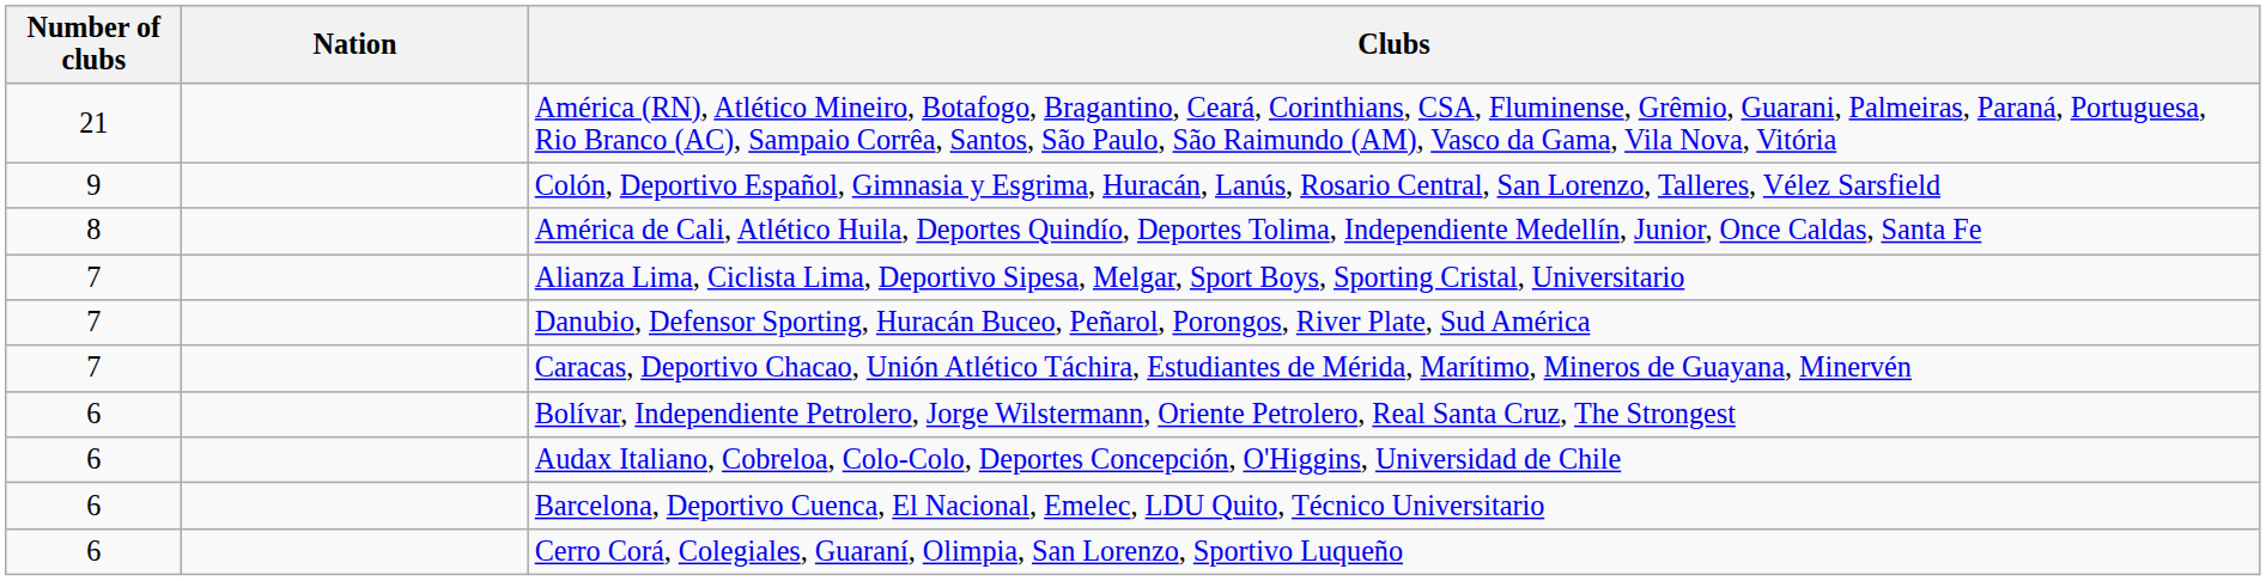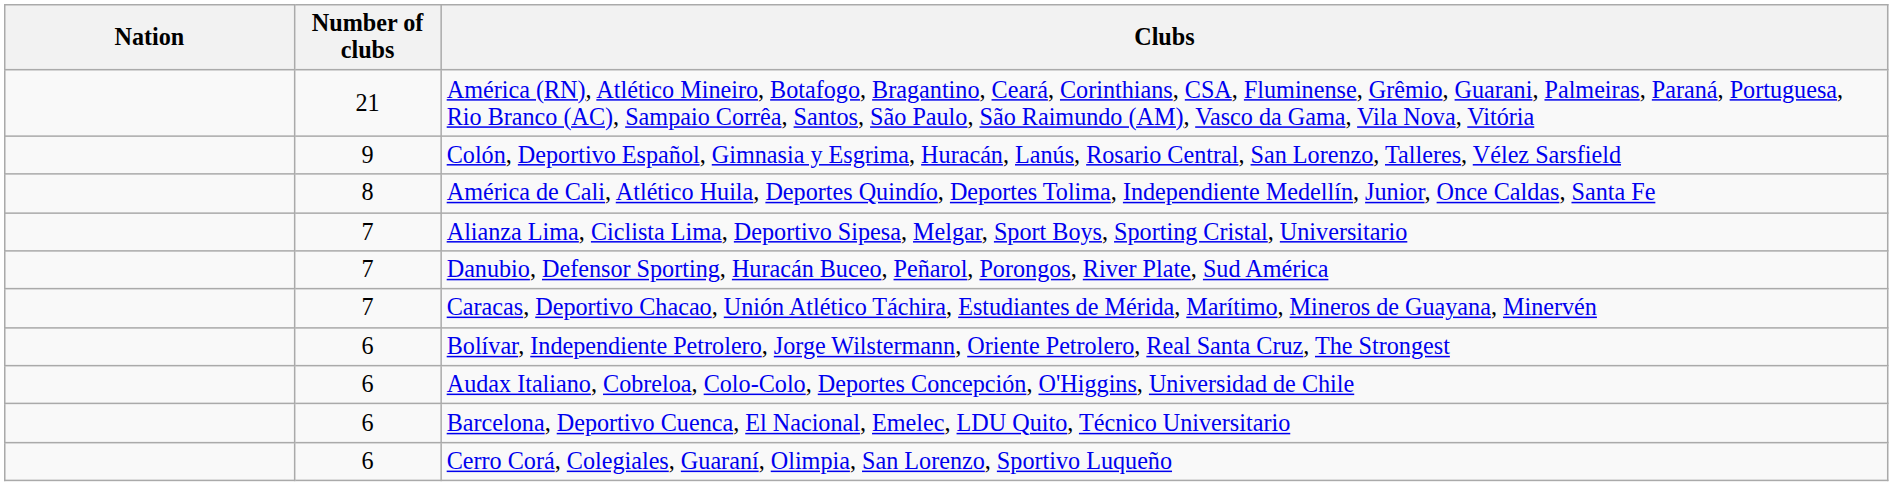 <table class="wikitable">
 <tr>
+<th width=10%>Nation</th>
 <th width=5%>Number of clubs</th>
-<th width=10%>Nation</th>
 <th width=50%>Clubs</th>
 </tr>
 <tr>
+<td></td>
 <td align=center>21</td>
-<td></td>
 <td><a href='#'>América (RN)</a>, <a href='#'>Atlético Mineiro</a>, <a href='#'>Botafogo</a>, <a href='#'>Bragantino</a>, <a href='#'>Ceará</a>, <a href='#'>Corinthians</a>, <a href='#'>CSA</a>, <a href='#'>Fluminense</a>, <a href='#'>Grêmio</a>, <a href='#'>Guarani</a>, <a href='#'>Palmeiras</a>, <a href='#'>Paraná</a>, <a href='#'>Portuguesa</a>, <a href='#'>Rio Branco (AC)</a>, <a href='#'>Sampaio Corrêa</a>, <a href='#'>Santos</a>, <a href='#'>São Paulo</a>, <a href='#'>São Raimundo (AM)</a>, <a href='#'>Vasco da Gama</a>, <a href='#'>Vila Nova</a>, <a href='#'>Vitória</a></td>
 </tr>
 <tr>
+<td></td>
 <td align=center>9</td>
-<td></td>
 <td><a href='#'>Colón</a>, <a href='#'>Deportivo Español</a>, <a href='#'>Gimnasia y Esgrima</a>, <a href='#'>Huracán</a>, <a href='#'>Lanús</a>, <a href='#'>Rosario Central</a>, <a href='#'>San Lorenzo</a>, <a href='#'>Talleres</a>, <a href='#'>Vélez Sarsfield</a></td>
 </tr>
 <tr>
+<td></td>
 <td align=center>8</td>
-<td></td>
 <td><a href='#'>América de Cali</a>, <a href='#'>Atlético Huila</a>, <a href='#'>Deportes Quindío</a>, <a href='#'>Deportes Tolima</a>, <a href='#'>Independiente Medellín</a>, <a href='#'>Junior</a>, <a href='#'>Once Caldas</a>, <a href='#'>Santa Fe</a></td>
 </tr>
 <tr>
+<td></td>
 <td align=center>7</td>
-<td></td>
 <td><a href='#'>Alianza Lima</a>, <a href='#'>Ciclista Lima</a>, <a href='#'>Deportivo Sipesa</a>, <a href='#'>Melgar</a>,  <a href='#'>Sport Boys</a>, <a href='#'>Sporting Cristal</a>, <a href='#'>Universitario</a></td>
 </tr>
 <tr>
+<td></td>
 <td align=center>7</td>
-<td></td>
 <td><a href='#'>Danubio</a>, <a href='#'>Defensor Sporting</a>, <a href='#'>Huracán Buceo</a>, <a href='#'>Peñarol</a>, <a href='#'>Porongos</a>, <a href='#'>River Plate</a>, <a href='#'>Sud América</a></td>
 </tr>
 <tr>
+<td></td>
 <td align=center>7</td>
-<td></td>
 <td><a href='#'>Caracas</a>, <a href='#'>Deportivo Chacao</a>, <a href='#'>Unión Atlético Táchira</a>, <a href='#'>Estudiantes de Mérida</a>, <a href='#'>Marítimo</a>, <a href='#'>Mineros de Guayana</a>, <a href='#'>Minervén</a></td>
 </tr>
 <tr>
+<td></td>
 <td align=center>6</td>
-<td></td>
 <td><a href='#'>Bolívar</a>, <a href='#'>Independiente Petrolero</a>, <a href='#'>Jorge Wilstermann</a>, <a href='#'>Oriente Petrolero</a>, <a href='#'>Real Santa Cruz</a>, <a href='#'>The Strongest</a></td>
 </tr>
 <tr>
+<td></td>
 <td align=center>6</td>
-<td></td>
 <td><a href='#'>Audax Italiano</a>, <a href='#'>Cobreloa</a>, <a href='#'>Colo-Colo</a>, <a href='#'>Deportes Concepción</a>, <a href='#'>O'Higgins</a>, <a href='#'>Universidad de Chile</a></td>
 </tr>
 <tr>
+<td></td>
 <td align=center>6</td>
-<td></td>
 <td><a href='#'>Barcelona</a>, <a href='#'>Deportivo Cuenca</a>, <a href='#'>El Nacional</a>, <a href='#'>Emelec</a>, <a href='#'>LDU Quito</a>, <a href='#'>Técnico Universitario</a></td>
 </tr>
 <tr>
+<td></td>
 <td align=center>6</td>
-<td></td>
 <td><a href='#'>Cerro Corá</a>, <a href='#'>Colegiales</a>, <a href='#'>Guaraní</a>, <a href='#'>Olimpia</a>, <a href='#'>San Lorenzo</a>, <a href='#'>Sportivo Luqueño</a></td>
 </tr>
 </table>
